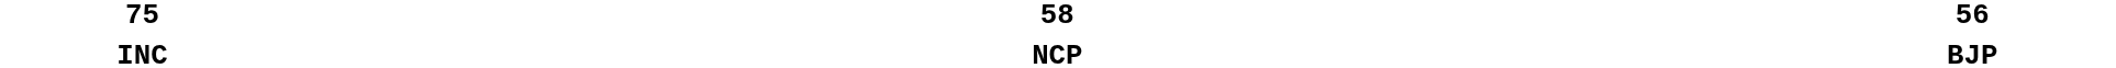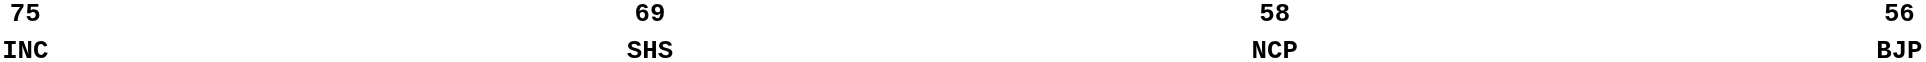 <table style="width:100%; text-align:center;">
 <tr>
 <td style="background:"><strong>75</strong></td>
+<td style="background:"><strong>69</strong></td>
 <td style="background:"><strong>58</strong></td>
 <td style="background:"><strong>56</strong></td>
 </tr>
 <tr>
 <td><span><strong>INC</strong></span></td>
+<td><span><strong>SHS</strong></span></td>
 <td><span><strong>NCP</strong></span></td>
 <td><span><strong>BJP</strong></span></td>
 </tr>
 </table>
